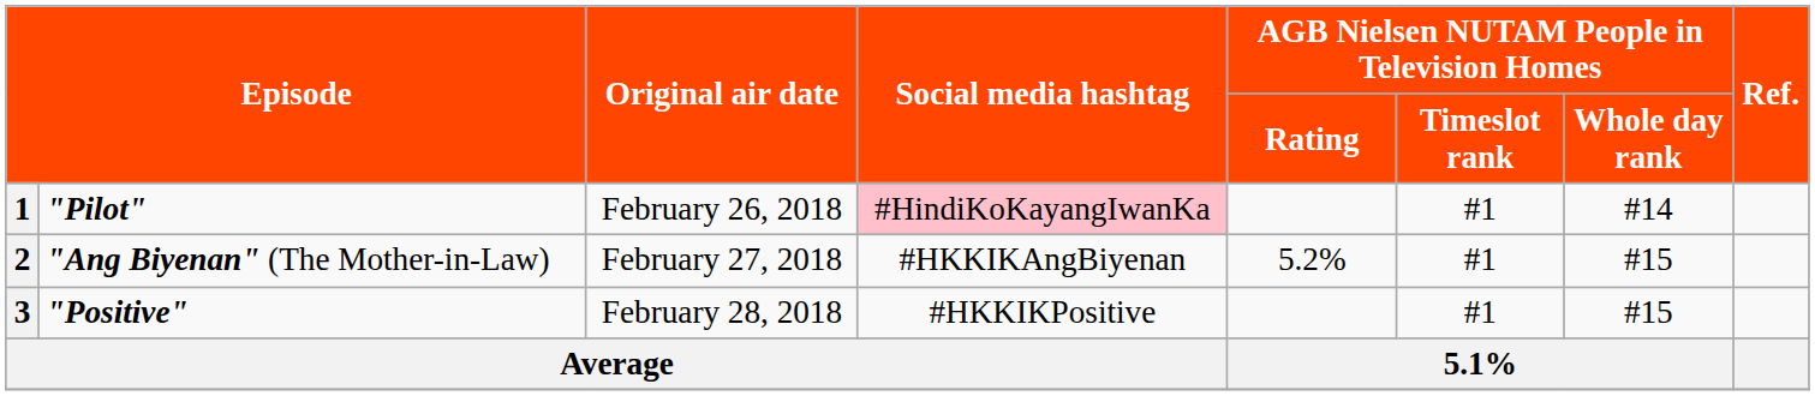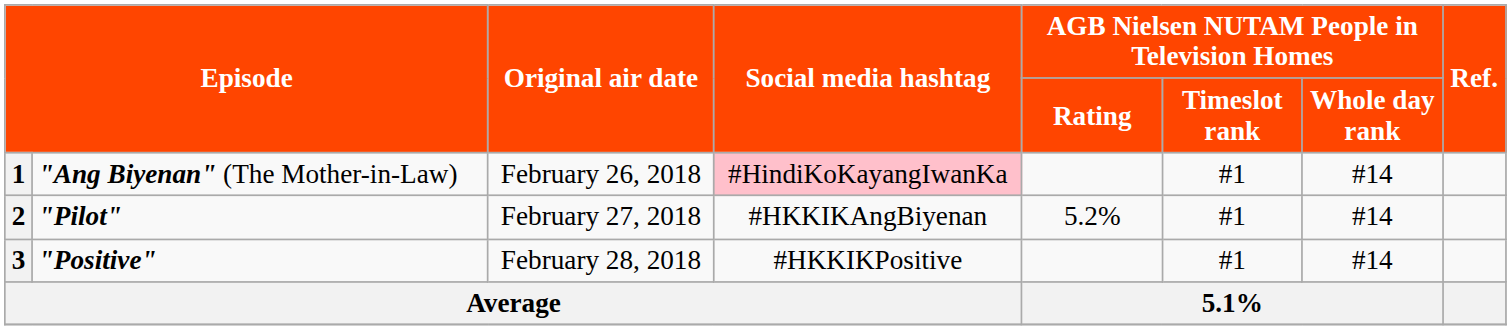 <table class="wikitable" style="text-align:center; font-size:100%; line-height:18px;" width="100%">
 <tr>
 <th style="background-color:#FF4500; color:#ffffff;" colspan="2" rowspan="2">Episode</th>
 <th style="background-color:#FF4500; color:white" rowspan="2">Original air date</th>
 <th style="background-color:#FF4500; color:white" rowspan="2">Social media hashtag</th>
 <th style="background-color:#FF4500; color:#ffffff;" colspan="3">AGB Nielsen NUTAM People in Television Homes</th>
 <th style="background-color:#FF4500; color:#ffffff;" rowspan="2">Ref.</th>
 </tr>
 <tr>
 <th style="background-color:#FF4500; width:75px; color:#ffffff;">Rating</th>
 <th style="background-color:#FF4500; width:75px; color:#ffffff;">Timeslot<br>rank</th>
 <th style="background-color:#FF4500; width:75px; color:#ffffff;">Whole day<br>rank</th>
 </tr>
 <tr>
 <th>1</th>
-<td style="text-align: left;"><strong><em>"Pilot"</em></strong></td>
+<td style="text-align: left;"><strong><em>"Ang Biyenan"</em></strong> (The Mother-in-Law)</td>
 <td>February 26, 2018</td>
 <td style="background: pink;">#HindiKoKayangIwanKa</td>
 <td></td>
 <td>#1</td>
 <td>#14</td>
 <td></td>
 </tr>
 <tr>
 <th>2</th>
-<td style="text-align: left;"><strong><em>"Ang Biyenan"</em></strong> (The Mother-in-Law)</td>
+<td style="text-align: left;"><strong><em>"Pilot"</em></strong></td>
 <td>February 27, 2018</td>
 <td>#HKKIKAngBiyenan</td>
 <td>5.2%</td>
 <td>#1</td>
-<td>#15</td>
+<td>#14</td>
 <td></td>
 </tr>
 <tr>
 <th>3</th>
 <td style="text-align: left;"><strong><em>"Positive"</em></strong></td>
 <td>February 28, 2018</td>
 <td>#HKKIKPositive</td>
 <td></td>
 <td>#1</td>
-<td>#15</td>
+<td>#14</td>
 <td></td>
 </tr>
 <tr>
 <th colspan="4">Average</th>
 <th colspan="3">5.1%</th>
 <th></th>
 </tr>
 <tr>
 </tr>
 </table>
